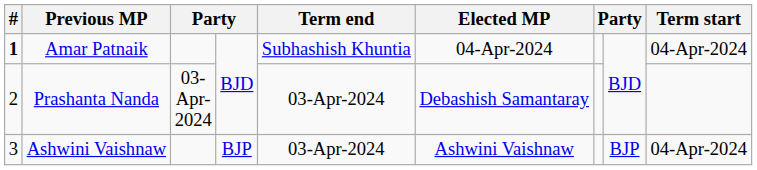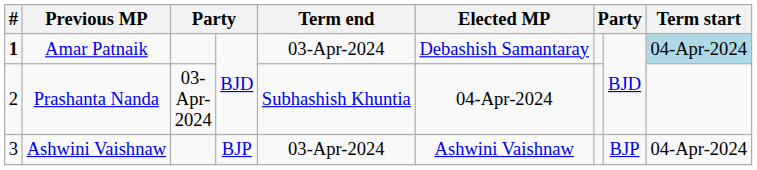 <table class="wikitable" style="text-align:center;">
 <tr>
 <th>#</th>
 <th>Previous MP</th>
 <th colspan="2">Party</th>
 <th>Term end</th>
 <th>Elected MP</th>
 <th colspan="2">Party</th>
 <th>Term start</th>
 </tr>
 <tr>
 <td><strong>1</strong></td>
 <td><a href='#'>Amar Patnaik</a></td>
 <td width="1px"></td>
 <td rowspan=2><a href='#'>BJD</a></td>
-<td><a href='#'>Subhashish Khuntia</a></td>
-<td>04-Apr-2024</td>
+<td>03-Apr-2024</td>
+<td><a href='#'>Debashish Samantaray</a></td>
 <td width="1px"></td>
 <td rowspan=2><a href='#'>BJD</a></td>
-<td>04-Apr-2024</td>
+<td style="background: lightblue;">04-Apr-2024</td>
 </tr>
 <tr>
 <td>2</td>
 <td><a href='#'>Prashanta Nanda</a></td>
 <td>03-Apr-2024</td>
-<td>03-Apr-2024</td>
-<td><a href='#'>Debashish Samantaray</a></td>
+<td><a href='#'>Subhashish Khuntia</a></td>
+<td>04-Apr-2024</td>
 </tr>
 <tr>
 <td>3</td>
 <td><a href='#'>Ashwini Vaishnaw</a></td>
 <td width="1px"></td>
 <td><a href='#'>BJP</a></td>
 <td>03-Apr-2024</td>
 <td><a href='#'>Ashwini Vaishnaw</a></td>
 <td width="1px"></td>
 <td><a href='#'>BJP</a></td>
 <td>04-Apr-2024</td>
 </tr>
 </table>
